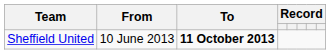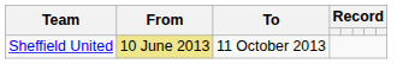 <table class=wikitable style="text-align: center">
 <tr>
 <th rowspan=2>Team</th>
 <th rowspan=2>From</th>
 <th rowspan=2>To</th>
 <th colspan=5>Record</th>
 </tr>
 <tr>
 <th></th>
 <th></th>
 <th></th>
 <th></th>
 <th></th>
 </tr>
 <tr>
 <td align=left><a href='#'>Sheffield United</a></td>
-<td align=left>10 June 2013</td>
-<td align=left><strong>11 October 2013<br></strong></td>
+<td align=left style="background: khaki;">10 June 2013</td>
+<td align=left>11 October 2013<br></td>
 </tr>
 </table>
